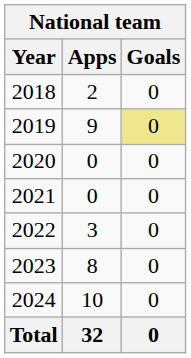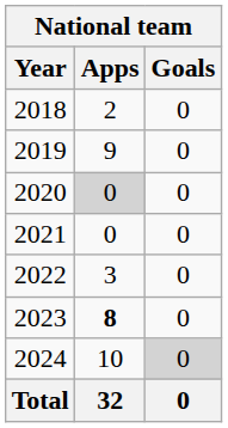 <table class="wikitable" style="text-align:center">
 <tr>
 <th colspan=3>National team</th>
 </tr>
 <tr>
 <th>Year</th>
 <th>Apps</th>
 <th>Goals</th>
 </tr>
 <tr>
 <td>2018</td>
 <td>2</td>
 <td>0</td>
 </tr>
 <tr>
 <td>2019</td>
 <td>9</td>
-<td style="background: khaki;">0</td>
+<td>0</td>
 </tr>
 <tr>
 <td>2020</td>
-<td>0</td>
+<td style="background: lightgrey;">0</td>
 <td>0</td>
 </tr>
 <tr>
 <td>2021</td>
 <td>0</td>
 <td>0</td>
 </tr>
 <tr>
 <td>2022</td>
 <td>3</td>
 <td>0</td>
 </tr>
 <tr>
 <td>2023</td>
-<td>8</td>
+<td><strong>8</strong></td>
 <td>0</td>
 </tr>
 <tr>
 <td>2024</td>
 <td>10</td>
-<td>0</td>
+<td style="background: lightgrey;">0</td>
 </tr>
 <tr>
 <th>Total</th>
 <th>32</th>
 <th>0</th>
 </tr>
 </table>
